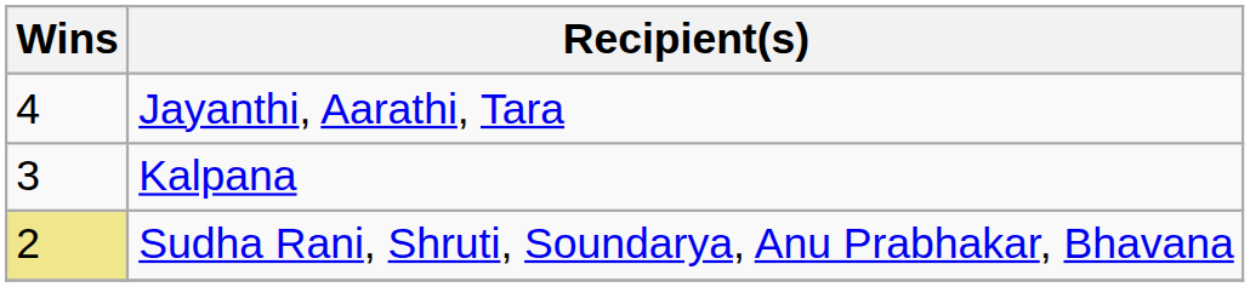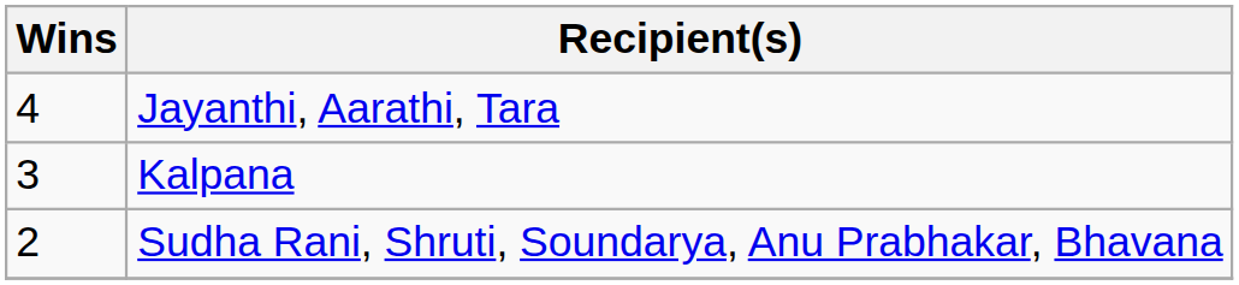 <table class="wikitable">
 <tr>
 <th>Wins</th>
 <th>Recipient(s)</th>
 </tr>
 <tr>
 <td>4</td>
 <td><a href='#'>Jayanthi</a>, <a href='#'>Aarathi</a>, <a href='#'>Tara</a></td>
 </tr>
 <tr>
 <td>3</td>
 <td><a href='#'>Kalpana</a></td>
 </tr>
 <tr>
-<td style="background: khaki;">2</td>
+<td>2</td>
 <td><a href='#'>Sudha Rani</a>, <a href='#'>Shruti</a>, <a href='#'>Soundarya</a>, <a href='#'>Anu Prabhakar</a>, <a href='#'>Bhavana</a></td>
 </tr>
 <tr>
 </tr>
 </table>
